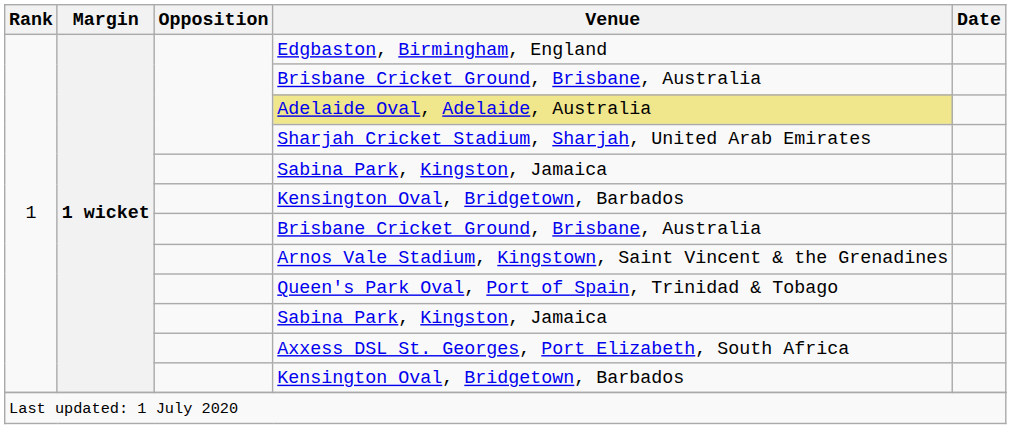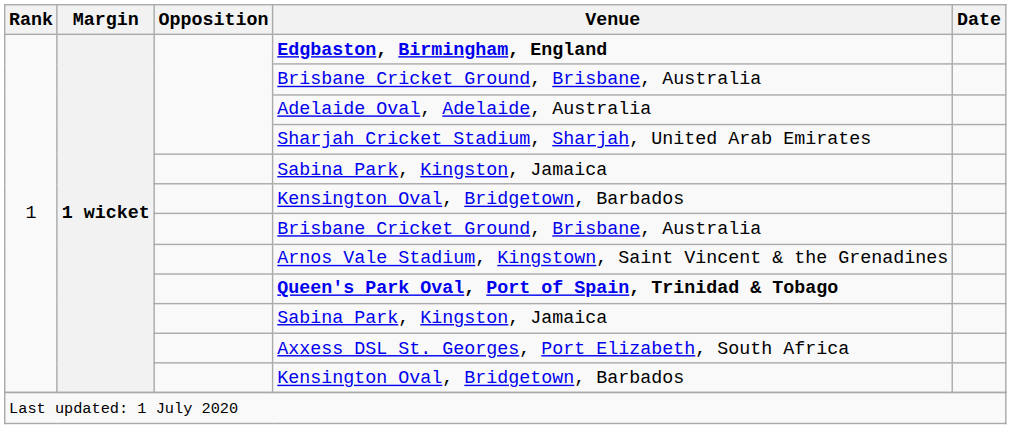 <table class="wikitable plainrowheaders sortable">
 <tr>
 <th scope=col>Rank</th>
 <th scope=col>Margin</th>
 <th scope=col>Opposition</th>
 <th scope=col>Venue</th>
 <th scope=col>Date</th>
 </tr>
 <tr>
 <td align=center rowspan=12>1</td>
 <th scope=row style=text-align:center; rowspan=12>1 wicket</th>
 <td rowspan=4></td>
-<td><a href='#'>Edgbaston</a>, <a href='#'>Birmingham</a>, England</td>
+<td><strong><a href='#'>Edgbaston</a>, <a href='#'>Birmingham</a>, England</strong></td>
 <td> </td>
 </tr>
 <tr>
 <td><a href='#'>Brisbane Cricket Ground</a>, <a href='#'>Brisbane</a>, Australia</td>
 <td></td>
 </tr>
 <tr>
-<td style="background: khaki;"><a href='#'>Adelaide Oval</a>, <a href='#'>Adelaide</a>, Australia</td>
+<td><a href='#'>Adelaide Oval</a>, <a href='#'>Adelaide</a>, Australia</td>
 <td></td>
 </tr>
 <tr>
 <td><a href='#'>Sharjah Cricket Stadium</a>, <a href='#'>Sharjah</a>, United Arab Emirates</td>
 <td></td>
 </tr>
 <tr>
 <td></td>
 <td><a href='#'>Sabina Park</a>, <a href='#'>Kingston</a>, Jamaica</td>
 <td> </td>
 </tr>
 <tr>
 <td></td>
 <td><a href='#'>Kensington Oval</a>, <a href='#'>Bridgetown</a>, Barbados</td>
 <td></td>
 </tr>
 <tr>
 <td></td>
 <td><a href='#'>Brisbane Cricket Ground</a>, <a href='#'>Brisbane</a>, Australia</td>
 <td></td>
 </tr>
 <tr>
 <td></td>
 <td><a href='#'>Arnos Vale Stadium</a>, <a href='#'>Kingstown</a>, Saint Vincent & the Grenadines</td>
 <td></td>
 </tr>
 <tr>
 <td></td>
-<td><a href='#'>Queen's Park Oval</a>, <a href='#'>Port of Spain</a>, Trinidad & Tobago</td>
+<td><strong><a href='#'>Queen's Park Oval</a>, <a href='#'>Port of Spain</a>, Trinidad & Tobago</strong></td>
 <td></td>
 </tr>
 <tr>
 <td></td>
 <td><a href='#'>Sabina Park</a>, <a href='#'>Kingston</a>, Jamaica</td>
 <td></td>
 </tr>
 <tr>
 <td></td>
 <td><a href='#'>Axxess DSL St. Georges</a>, <a href='#'>Port Elizabeth</a>, South Africa</td>
 <td></td>
 </tr>
 <tr>
 <td></td>
 <td><a href='#'>Kensington Oval</a>, <a href='#'>Bridgetown</a>, Barbados</td>
 <td></td>
 </tr>
 <tr>
 </tr>
 <tr class=sortbottom>
 <td colspan=6><small>Last updated: 1 July 2020</small></td>
 </tr>
 </table>
